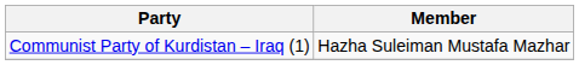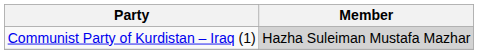 <table class=wikitable>
 <tr>
 <th>Party</th>
 <th>Member</th>
 </tr>
 <tr>
 <td rowspan=1> <a href='#'>Communist Party of Kurdistan – Iraq</a> (1)</td>
-<td>Hazha Suleiman Mustafa Mazhar</td>
+<td style="background: lightgrey;">Hazha Suleiman Mustafa Mazhar</td>
 </tr>
 <tr>
 </tr>
 </table>
